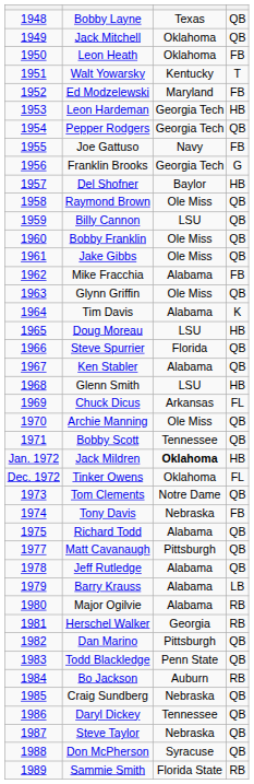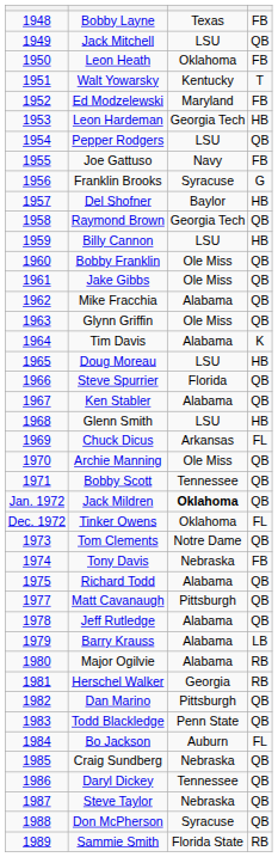 <table class = "wikitable" style="text-align:center">
 <tr>
 <th></th>
 <th></th>
 <th></th>
 <th></th>
 </tr>
 <tr>
 <td><a href='#'>1948</a></td>
 <td><a href='#'>Bobby Layne</a></td>
 <td>Texas</td>
-<td>QB</td>
+<td>FB</td>
 </tr>
 <tr>
 <td><a href='#'>1949</a></td>
 <td><a href='#'>Jack Mitchell</a></td>
-<td>Oklahoma</td>
+<td>LSU</td>
 <td>QB</td>
 </tr>
 <tr>
 <td><a href='#'>1950</a></td>
 <td><a href='#'>Leon Heath</a></td>
 <td>Oklahoma</td>
 <td>FB</td>
 </tr>
 <tr>
 <td><a href='#'>1951</a></td>
 <td><a href='#'>Walt Yowarsky</a></td>
 <td>Kentucky</td>
 <td>T</td>
 </tr>
 <tr>
 <td><a href='#'>1952</a></td>
 <td><a href='#'>Ed Modzelewski</a></td>
 <td>Maryland</td>
 <td>FB</td>
 </tr>
 <tr>
 <td><a href='#'>1953</a></td>
 <td><a href='#'>Leon Hardeman</a></td>
 <td>Georgia Tech</td>
 <td>HB</td>
 </tr>
 <tr>
 <td><a href='#'>1954</a></td>
 <td><a href='#'>Pepper Rodgers</a></td>
-<td>Georgia Tech</td>
+<td>LSU</td>
 <td>QB</td>
 </tr>
 <tr>
 <td><a href='#'>1955</a></td>
 <td>Joe Gattuso</td>
 <td>Navy</td>
 <td>FB</td>
 </tr>
 <tr>
 <td><a href='#'>1956</a></td>
 <td>Franklin Brooks</td>
-<td>Georgia Tech</td>
+<td>Syracuse</td>
 <td>G</td>
 </tr>
 <tr>
 <td><a href='#'>1957</a></td>
 <td><a href='#'>Del Shofner</a></td>
 <td>Baylor</td>
 <td>HB</td>
 </tr>
 <tr>
 <td><a href='#'>1958</a></td>
 <td><a href='#'>Raymond Brown</a></td>
-<td>Ole Miss</td>
+<td>Georgia Tech</td>
 <td>QB</td>
 </tr>
 <tr>
 <td><a href='#'>1959</a></td>
 <td><a href='#'>Billy Cannon</a></td>
 <td>LSU</td>
-<td>QB</td>
+<td>HB</td>
 </tr>
 <tr>
 <td><a href='#'>1960</a></td>
 <td><a href='#'>Bobby Franklin</a></td>
 <td>Ole Miss</td>
 <td>QB</td>
 </tr>
 <tr>
 <td><a href='#'>1961</a></td>
 <td><a href='#'>Jake Gibbs</a></td>
 <td>Ole Miss</td>
 <td>QB</td>
 </tr>
 <tr>
 <td><a href='#'>1962</a></td>
 <td>Mike Fracchia</td>
 <td>Alabama</td>
-<td>FB</td>
+<td>QB</td>
 </tr>
 <tr>
 <td><a href='#'>1963</a></td>
 <td>Glynn Griffin</td>
 <td>Ole Miss</td>
 <td>QB</td>
 </tr>
 <tr>
 <td><a href='#'>1964</a></td>
 <td>Tim Davis</td>
 <td>Alabama</td>
 <td>K</td>
 </tr>
 <tr>
 <td><a href='#'>1965</a></td>
 <td><a href='#'>Doug Moreau</a></td>
 <td>LSU</td>
 <td>HB</td>
 </tr>
 <tr>
 <td><a href='#'>1966</a></td>
 <td><a href='#'>Steve Spurrier</a></td>
 <td>Florida</td>
 <td>QB</td>
 </tr>
 <tr>
 <td><a href='#'>1967</a></td>
 <td><a href='#'>Ken Stabler</a></td>
 <td>Alabama</td>
 <td>QB</td>
 </tr>
 <tr>
 <td><a href='#'>1968</a></td>
 <td>Glenn Smith</td>
 <td>LSU</td>
 <td>HB</td>
 </tr>
 <tr>
 <td><a href='#'>1969</a></td>
 <td><a href='#'>Chuck Dicus</a></td>
 <td>Arkansas</td>
 <td>FL</td>
 </tr>
 <tr>
 <td><a href='#'>1970</a></td>
 <td><a href='#'>Archie Manning</a></td>
 <td>Ole Miss</td>
 <td>QB</td>
 </tr>
 <tr>
 <td><a href='#'>1971</a></td>
 <td><a href='#'>Bobby Scott</a></td>
 <td>Tennessee</td>
 <td>QB</td>
 </tr>
 <tr>
 <td><a href='#'>Jan. 1972</a></td>
 <td><a href='#'>Jack Mildren</a></td>
 <td><strong>Oklahoma</strong></td>
-<td>HB</td>
+<td>QB</td>
 </tr>
 <tr>
 <td><a href='#'>Dec. 1972</a></td>
 <td><a href='#'>Tinker Owens</a></td>
 <td>Oklahoma</td>
 <td>FL</td>
 </tr>
 <tr>
 <td><a href='#'>1973</a></td>
 <td><a href='#'>Tom Clements</a></td>
 <td>Notre Dame</td>
 <td>QB</td>
 </tr>
 <tr>
 <td><a href='#'>1974</a></td>
 <td><a href='#'>Tony Davis</a></td>
 <td>Nebraska</td>
 <td>FB</td>
 </tr>
 <tr>
 <td><a href='#'>1975</a></td>
 <td><a href='#'>Richard Todd</a></td>
 <td>Alabama</td>
 <td>QB</td>
 </tr>
 <tr>
 <td><a href='#'>1977</a></td>
 <td><a href='#'>Matt Cavanaugh</a></td>
 <td>Pittsburgh</td>
 <td>QB</td>
 </tr>
 <tr>
 <td><a href='#'>1978</a></td>
 <td><a href='#'>Jeff Rutledge</a></td>
 <td>Alabama</td>
 <td>QB</td>
 </tr>
 <tr>
 <td><a href='#'>1979</a></td>
 <td><a href='#'>Barry Krauss</a></td>
 <td>Alabama</td>
 <td>LB</td>
 </tr>
 <tr>
 <td><a href='#'>1980</a></td>
 <td>Major Ogilvie</td>
 <td>Alabama</td>
 <td>RB</td>
 </tr>
 <tr>
 <td><a href='#'>1981</a></td>
 <td><a href='#'>Herschel Walker</a></td>
 <td>Georgia</td>
 <td>RB</td>
 </tr>
 <tr>
 <td><a href='#'>1982</a></td>
 <td><a href='#'>Dan Marino</a></td>
 <td>Pittsburgh</td>
 <td>QB</td>
 </tr>
 <tr>
 <td><a href='#'>1983</a></td>
 <td><a href='#'>Todd Blackledge</a></td>
 <td>Penn State</td>
 <td>QB</td>
 </tr>
 <tr>
 <td><a href='#'>1984</a></td>
 <td><a href='#'>Bo Jackson</a></td>
 <td>Auburn</td>
-<td>RB</td>
+<td>FL</td>
 </tr>
 <tr>
 <td><a href='#'>1985</a></td>
 <td>Craig Sundberg</td>
 <td>Nebraska</td>
 <td>QB</td>
 </tr>
 <tr>
 <td><a href='#'>1986</a></td>
 <td><a href='#'>Daryl Dickey</a></td>
 <td>Tennessee</td>
 <td>QB</td>
 </tr>
 <tr>
 <td><a href='#'>1987</a></td>
 <td><a href='#'>Steve Taylor</a></td>
 <td>Nebraska</td>
 <td>QB</td>
 </tr>
 <tr>
 <td><a href='#'>1988</a></td>
 <td><a href='#'>Don McPherson</a></td>
 <td>Syracuse</td>
 <td>QB</td>
 </tr>
 <tr>
 <td><a href='#'>1989</a></td>
 <td><a href='#'>Sammie Smith</a></td>
 <td>Florida State</td>
 <td>RB</td>
 </tr>
 </table>
